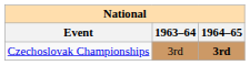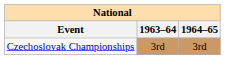 <table class="wikitable" style="text-align:center">
 <tr>
 <th style="background-color: #ffdead; " colspan=3 align=center>National</th>
 </tr>
 <tr>
 <th>Event</th>
 <th>1963–64</th>
 <th>1964–65</th>
 </tr>
 <tr>
 <td align=left><a href='#'>Czechoslovak Championships</a></td>
 <td bgcolor=cc9966>3rd</td>
-<td bgcolor=cc9966><strong>3rd</strong></td>
+<td bgcolor=cc9966>3rd</td>
 </tr>
 </table>
